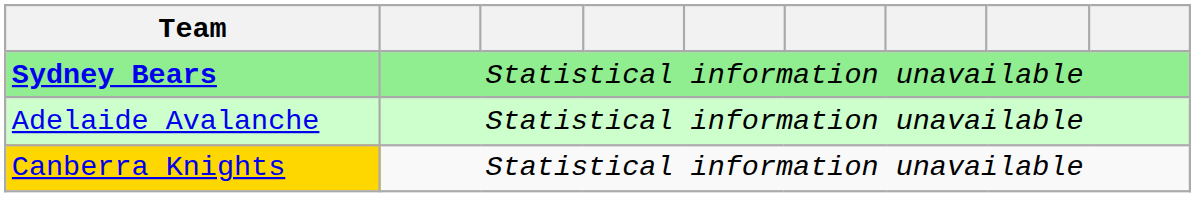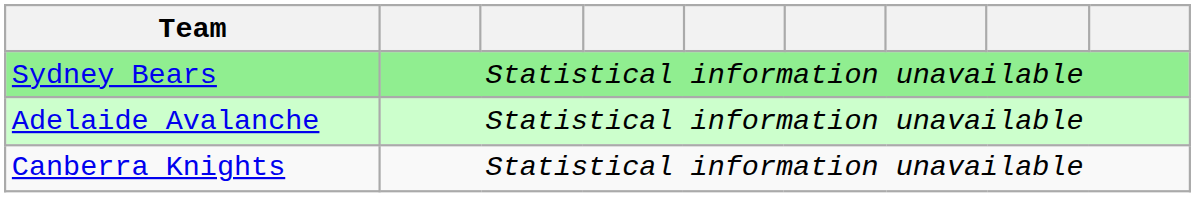 <table class="wikitable" style="text-align:center;">
 <tr>
 <th width=165>Team</th>
 <th width=40></th>
 <th width=40></th>
 <th width=40></th>
 <th width=40></th>
 <th width=40></th>
 <th width=40></th>
 <th width=40></th>
 <th width=40></th>
 </tr>
 <tr bgcolor="#90EE90">
-<td style="text-align:left;"><strong><a href='#'>Sydney Bears</a></strong></td>
+<td style="text-align:left;"><a href='#'>Sydney Bears</a></td>
 <td colspan="8"><em>Statistical information unavailable</em></td>
 </tr>
 <tr bgcolor="#ccffcc">
 <td style="text-align:left;"><a href='#'>Adelaide Avalanche</a></td>
 <td colspan="8"><em>Statistical information unavailable</em></td>
 </tr>
 <tr>
-<td style="background: gold; text-align:left;"><a href='#'>Canberra Knights</a></td>
+<td style="text-align:left;"><a href='#'>Canberra Knights</a></td>
 <td colspan="8"><em>Statistical information unavailable</em></td>
 </tr>
 </table>
